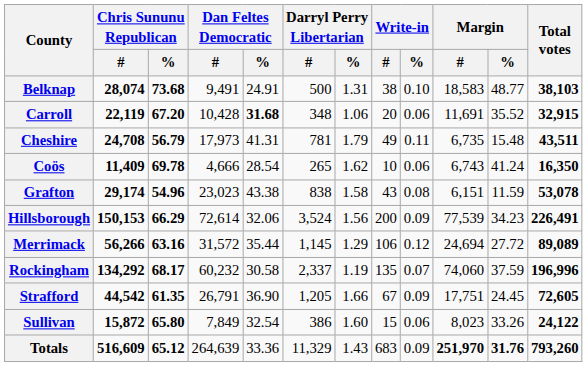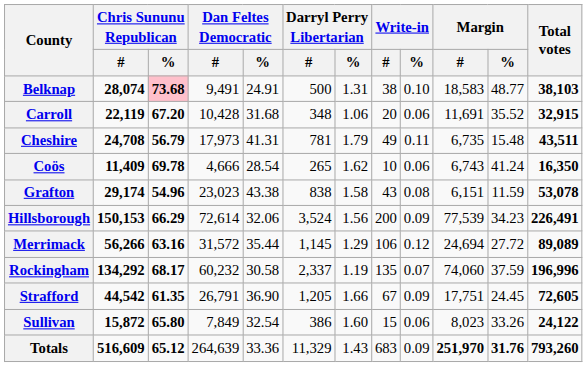 <table class="wikitable sortable" style="text-align:right;font-size:90%;line-height:1.3">
 <tr>
 <th rowspan="2">County</th>
 <th colspan="2"><a href='#'>Chris Sununu</a><br><a href='#'>Republican</a></th>
 <th colspan="2"><a href='#'>Dan Feltes</a><br><a href='#'>Democratic</a></th>
 <th colspan="2">Darryl Perry<br><a href='#'>Libertarian</a></th>
 <th colspan="2"><a href='#'>Write-in</a></th>
 <th colspan="2">Margin</th>
 <th rowspan="2">Total<br>votes</th>
 </tr>
 <tr>
 <th data-sort-type="number">#</th>
 <th data-sort-type="number">%</th>
 <th data-sort-type="number">#</th>
 <th data-sort-type="number">%</th>
 <th data-sort-type="number">#</th>
 <th data-sort-type="number">%</th>
 <th data-sort-type="number">#</th>
 <th data-sort-type="number">%</th>
 <th data-sort-type="number">#</th>
 <th data-sort-type="number">%</th>
 </tr>
 <tr>
 <th><a href='#'>Belknap</a></th>
 <td><strong>28,074</strong></td>
-<td><strong>73.68</strong></td>
+<td style="background: pink;"><strong>73.68</strong></td>
 <td>9,491</td>
 <td>24.91</td>
 <td>500</td>
 <td>1.31</td>
 <td>38</td>
 <td>0.10</td>
 <td>18,583</td>
 <td>48.77</td>
 <td><strong>38,103</strong></td>
 </tr>
 <tr>
 <th><a href='#'>Carroll</a></th>
 <td><strong>22,119</strong></td>
 <td><strong>67.20</strong></td>
 <td>10,428</td>
-<td><strong>31.68</strong></td>
+<td>31.68</td>
 <td>348</td>
 <td>1.06</td>
 <td>20</td>
 <td>0.06</td>
 <td>11,691</td>
 <td>35.52</td>
 <td><strong>32,915</strong></td>
 </tr>
 <tr>
 <th><a href='#'>Cheshire</a></th>
 <td><strong>24,708</strong></td>
 <td><strong>56.79</strong></td>
 <td>17,973</td>
 <td>41.31</td>
 <td>781</td>
 <td>1.79</td>
 <td>49</td>
 <td>0.11</td>
 <td>6,735</td>
 <td>15.48</td>
 <td><strong>43,511</strong></td>
 </tr>
 <tr>
 <th><a href='#'>Coös</a></th>
 <td><strong>11,409</strong></td>
 <td><strong>69.78</strong></td>
 <td>4,666</td>
 <td>28.54</td>
 <td>265</td>
 <td>1.62</td>
 <td>10</td>
 <td>0.06</td>
 <td>6,743</td>
 <td>41.24</td>
 <td><strong>16,350</strong></td>
 </tr>
 <tr>
 <th><a href='#'>Grafton</a></th>
 <td><strong>29,174</strong></td>
 <td><strong>54.96</strong></td>
 <td>23,023</td>
 <td>43.38</td>
 <td>838</td>
 <td>1.58</td>
 <td>43</td>
 <td>0.08</td>
 <td>6,151</td>
 <td>11.59</td>
 <td><strong>53,078</strong></td>
 </tr>
 <tr>
 <th><a href='#'>Hillsborough</a></th>
 <td><strong>150,153</strong></td>
 <td><strong>66.29</strong></td>
 <td>72,614</td>
 <td>32.06</td>
 <td>3,524</td>
 <td>1.56</td>
 <td>200</td>
 <td>0.09</td>
 <td>77,539</td>
 <td>34.23</td>
 <td><strong>226,491</strong></td>
 </tr>
 <tr>
 <th><a href='#'>Merrimack</a></th>
 <td><strong>56,266</strong></td>
 <td><strong>63.16</strong></td>
 <td>31,572</td>
 <td>35.44</td>
 <td>1,145</td>
 <td>1.29</td>
 <td>106</td>
 <td>0.12</td>
 <td>24,694</td>
 <td>27.72</td>
 <td><strong>89,089</strong></td>
 </tr>
 <tr>
 <th><a href='#'>Rockingham</a></th>
 <td><strong>134,292</strong></td>
 <td><strong>68.17</strong></td>
 <td>60,232</td>
 <td>30.58</td>
 <td>2,337</td>
 <td>1.19</td>
 <td>135</td>
 <td>0.07</td>
 <td>74,060</td>
 <td>37.59</td>
 <td><strong>196,996</strong></td>
 </tr>
 <tr>
 <th><a href='#'>Strafford</a></th>
 <td><strong>44,542</strong></td>
 <td><strong>61.35</strong></td>
 <td>26,791</td>
 <td>36.90</td>
 <td>1,205</td>
 <td>1.66</td>
 <td>67</td>
 <td>0.09</td>
 <td>17,751</td>
 <td>24.45</td>
 <td><strong>72,605</strong></td>
 </tr>
 <tr>
 <th><a href='#'>Sullivan</a></th>
 <td><strong>15,872</strong></td>
 <td><strong>65.80</strong></td>
 <td>7,849</td>
 <td>32.54</td>
 <td>386</td>
 <td>1.60</td>
 <td>15</td>
 <td>0.06</td>
 <td>8,023</td>
 <td>33.26</td>
 <td><strong>24,122</strong></td>
 </tr>
 <tr class="sortbottom">
 <th>Totals</th>
 <td><strong>516,609</strong></td>
 <td><strong>65.12</strong></td>
 <td>264,639</td>
 <td>33.36</td>
 <td>11,329</td>
 <td>1.43</td>
 <td>683</td>
 <td>0.09</td>
 <td><strong>251,970</strong></td>
 <td><strong>31.76</strong></td>
 <td><strong>793,260</strong></td>
 </tr>
 </table>
